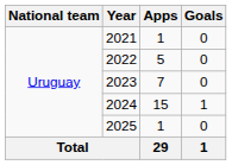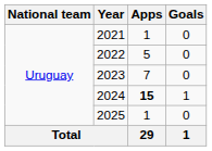 <table class="wikitable" style="text-align:center">
 <tr>
 <th>National team</th>
 <th>Year</th>
 <th>Apps</th>
 <th>Goals</th>
 </tr>
 <tr>
 <td rowspan="5"><a href='#'>Uruguay</a></td>
 <td>2021</td>
 <td>1</td>
 <td>0</td>
 </tr>
 <tr>
 <td>2022</td>
 <td>5</td>
 <td>0</td>
 </tr>
 <tr>
 <td>2023</td>
 <td>7</td>
 <td>0</td>
 </tr>
 <tr>
 <td>2024</td>
-<td>15</td>
+<td><strong>15</strong></td>
 <td>1</td>
 </tr>
 <tr>
 <td>2025</td>
 <td>1</td>
 <td>0</td>
 </tr>
 <tr>
 <th colspan="2">Total</th>
 <th>29</th>
 <th>1</th>
 </tr>
 </table>
